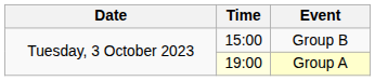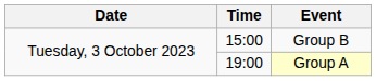 <table class="wikitable" style="text-align:center;">
 <tr>
 <th width=220>Date</th>
 <th width=50>Time</th>
 <th width=100>Event</th>
 </tr>
 <tr>
 <td rowspan=2>Tuesday, 3 October 2023</td>
 <td>15:00</td>
 <td>Group B</td>
 </tr>
 <tr>
-<td style="background: lightyellow;">19:00</td>
+<td>19:00</td>
 <td bgcolor="ffffcc">Group A</td>
 </tr>
 </table>
